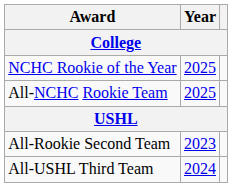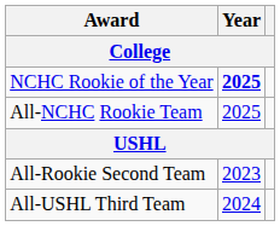 <table class="wikitable">
 <tr>
 <th>Award</th>
 <th>Year</th>
 <th></th>
 </tr>
 <tr>
 <th colspan="3"><a href='#'>College</a></th>
 </tr>
 <tr>
 <td><a href='#'>NCHC Rookie of the Year</a></td>
-<td><a href='#'>2025</a></td>
+<td><strong><a href='#'>2025</a></strong></td>
 </tr>
 <tr>
 <td>All-<a href='#'>NCHC</a> <a href='#'>Rookie Team</a></td>
 <td><a href='#'>2025</a></td>
 <td></td>
 </tr>
 <tr>
 <th colspan="3"><a href='#'>USHL</a></th>
 </tr>
 <tr>
 <td>All-Rookie Second Team</td>
 <td><a href='#'>2023</a></td>
 <td></td>
 </tr>
 <tr>
 <td>All-USHL Third Team</td>
 <td><a href='#'>2024</a></td>
 <td></td>
 </tr>
 </table>
